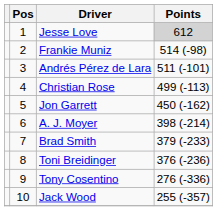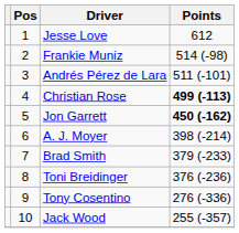 <table class="wikitable" style="font-size: 95%;">
 <tr>
 <th></th>
 <th>Pos</th>
 <th>Driver</th>
 <th>Points</th>
 </tr>
 <tr>
 <td align="left"></td>
 <td style="text-align:center;">1</td>
 <td><a href='#'>Jesse Love</a></td>
-<td style="background: lightgrey; text-align:center;">612</td>
+<td style="text-align:center;">612</td>
 </tr>
 <tr>
 <td align="left"></td>
 <td style="text-align:center;">2</td>
 <td><a href='#'>Frankie Muniz</a></td>
 <td style="text-align:center;">514 (-98)</td>
 </tr>
 <tr>
 <td align="left"></td>
 <td style="text-align:center;">3</td>
 <td><a href='#'>Andrés Pérez de Lara</a></td>
 <td style="text-align:center;">511 (-101)</td>
 </tr>
 <tr>
 <td align="left"></td>
 <td style="text-align:center;">4</td>
 <td><a href='#'>Christian Rose</a></td>
-<td style="text-align:center;">499 (-113)</td>
+<td style="text-align:center;"><strong>499 (-113)</strong></td>
 </tr>
 <tr>
 <td align="left"></td>
 <td style="text-align:center;">5</td>
 <td><a href='#'>Jon Garrett</a></td>
-<td style="text-align:center;">450 (-162)</td>
+<td style="text-align:center;"><strong>450 (-162)</strong></td>
 </tr>
 <tr>
 <td align="left"></td>
 <td style="text-align:center;">6</td>
 <td><a href='#'>A. J. Moyer</a></td>
 <td style="text-align:center;">398 (-214)</td>
 </tr>
 <tr>
 <td align="left"></td>
 <td style="text-align:center;">7</td>
 <td><a href='#'>Brad Smith</a></td>
 <td style="text-align:center;">379 (-233)</td>
 </tr>
 <tr>
 <td align="left"></td>
 <td style="text-align:center;">8</td>
 <td><a href='#'>Toni Breidinger</a></td>
 <td style="text-align:center;">376 (-236)</td>
 </tr>
 <tr>
 <td align="left"></td>
 <td style="text-align:center;">9</td>
 <td><a href='#'>Tony Cosentino</a></td>
 <td style="text-align:center;">276 (-336)</td>
 </tr>
 <tr>
 <td align="left"></td>
 <td style="text-align:center;">10</td>
 <td><a href='#'>Jack Wood</a></td>
 <td style="text-align:center;">255 (-357)</td>
 </tr>
 <tr class="sortbottom">
 </tr>
 </table>
